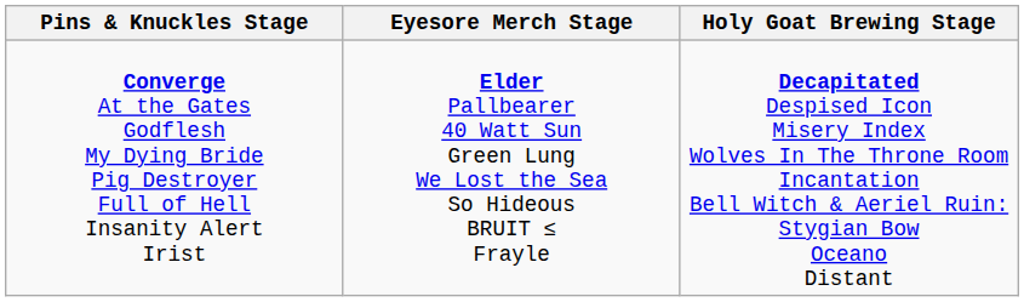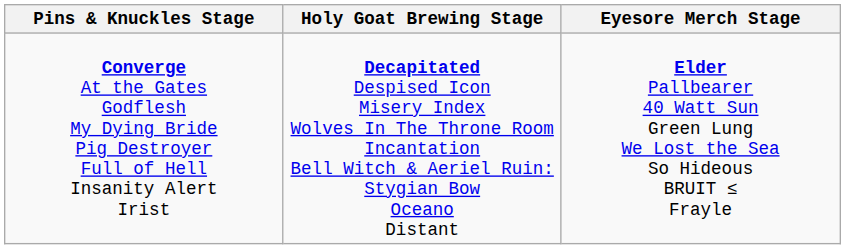 <table class="wikitable">
 <tr>
 <th>Pins & Knuckles Stage</th>
+<th>Holy Goat Brewing Stage</th>
 <th>Eyesore Merch Stage</th>
-<th>Holy Goat Brewing Stage</th>
 </tr>
 <tr>
 <td valign="top" align="center" width="200"><br><strong><a href='#'>Converge</a></strong><br><a href='#'>At the Gates</a><br><a href='#'>Godflesh</a><br><a href='#'>My Dying Bride</a><br><a href='#'>Pig Destroyer</a><br><a href='#'>Full of Hell</a><br>Insanity Alert<br>Irist<br><br></td>
+<td valign="top" align="center" width="200"><br><strong><a href='#'>Decapitated</a></strong><br><a href='#'>Despised Icon</a><br><a href='#'>Misery Index</a><br><a href='#'>Wolves In The Throne Room</a><br><a href='#'>Incantation</a><br><a href='#'>Bell Witch & Aeriel Ruin: Stygian Bow</a><br><a href='#'>Oceano</a><br>Distant<br></td>
 <td valign="top" align="center" width="200"><br><strong><a href='#'>Elder</a></strong><br><a href='#'>Pallbearer</a><br><a href='#'>40 Watt Sun</a><br>Green Lung<br><a href='#'>We Lost the Sea</a><br>So Hideous<br>BRUIT ≤<br>Frayle</td>
-<td valign="top" align="center" width="200"><br><strong><a href='#'>Decapitated</a></strong><br><a href='#'>Despised Icon</a><br><a href='#'>Misery Index</a><br><a href='#'>Wolves In The Throne Room</a><br><a href='#'>Incantation</a><br><a href='#'>Bell Witch & Aeriel Ruin: Stygian Bow</a><br><a href='#'>Oceano</a><br>Distant<br></td>
 </tr>
 </table>
